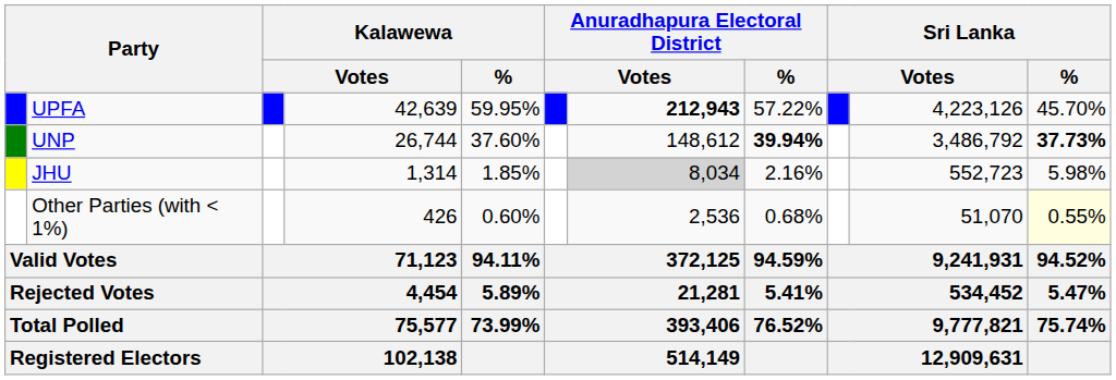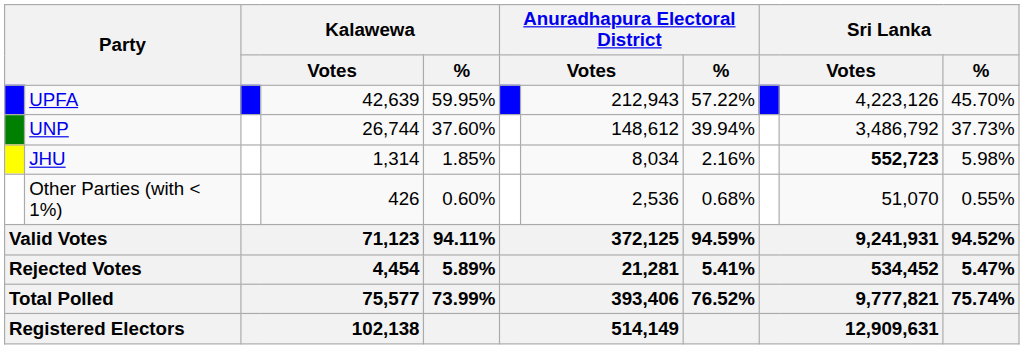 <table class="wikitable">
 <tr>
 <th colspan="2" width="144px"rowspan="2">Party</th>
 <th colspan="3" width="216px">Kalawewa</th>
 <th colspan="3" width="216px"><a href='#'>Anuradhapura Electoral District</a></th>
 <th colspan="3" width="216px">Sri Lanka</th>
 </tr>
 <tr>
 <th colspan="2" width="144px">Votes</th>
 <th>%</th>
 <th colspan="2" width="144px">Votes</th>
 <th>%</th>
 <th colspan="2" width="144px">Votes</th>
 <th>%</th>
 </tr>
 <tr>
 <td style="background-color:blue;" width="10px"></td>
 <td style="text-align:left;"><a href='#'>UPFA</a></td>
 <td style="background-color:blue;" width="10px"></td>
 <td style="text-align:right;">42,639</td>
 <td style="text-align:right;">59.95%</td>
 <td style="background-color:blue;" width="10px"></td>
-<td style="text-align:right;"><strong>212,943</strong></td>
+<td style="text-align:right;">212,943</td>
 <td style="text-align:right;">57.22%</td>
 <td style="background-color:blue;" width="10px"></td>
 <td style="text-align:right;">4,223,126</td>
 <td style="text-align:right;">45.70%</td>
 </tr>
 <tr>
 <td style="background-color:green;" width="10px"></td>
 <td style="text-align:left;"><a href='#'>UNP</a></td>
 <td style="background-color:white;" width="10px"></td>
 <td style="text-align:right;">26,744</td>
 <td style="text-align:right;">37.60%</td>
 <td style="background-color:white;" width="10px"></td>
 <td style="text-align:right;">148,612</td>
-<td style="text-align:right;"><strong>39.94%</strong></td>
+<td style="text-align:right;">39.94%</td>
 <td style="background-color:white;" width="10px"></td>
 <td style="text-align:right;">3,486,792</td>
-<td style="text-align:right;"><strong>37.73%</strong></td>
+<td style="text-align:right;">37.73%</td>
 </tr>
 <tr>
 <td style="background-color:yellow;" width="10px"></td>
 <td style="text-align:left;"><a href='#'>JHU</a></td>
 <td style="background-color:white;" width="10px"></td>
 <td style="text-align:right;">1,314</td>
 <td style="text-align:right;">1.85%</td>
 <td style="background-color:white;" width="10px"></td>
-<td style="background: lightgrey; text-align:right;">8,034</td>
+<td style="text-align:right;">8,034</td>
 <td style="text-align:right;">2.16%</td>
 <td style="background-color:white;" width="10px"></td>
-<td style="text-align:right;">552,723</td>
+<td style="text-align:right;"><strong>552,723</strong></td>
 <td style="text-align:right;">5.98%</td>
 </tr>
 <tr>
 <td style="background-color:white;" width="10px"></td>
 <td style="text-align:left;">Other Parties (with < 1%)</td>
 <td style="background-color:white;" width="10px"></td>
 <td style="text-align:right;">426</td>
 <td style="text-align:right;">0.60%</td>
 <td style="background-color:white;" width="10px"></td>
 <td style="text-align:right;">2,536</td>
 <td style="text-align:right;">0.68%</td>
 <td style="background-color:white;" width="10px"></td>
 <td style="text-align:right;">51,070</td>
-<td style="background: lightyellow; text-align:right;">0.55%</td>
+<td style="text-align:right;">0.55%</td>
 </tr>
 <tr>
 <th colspan="2" width="144px"style="text-align:left;">Valid Votes</th>
 <th style="text-align:right;"colspan="2" width="144px">71,123</th>
 <th style="text-align:right;">94.11%</th>
 <th style="text-align:right;"colspan="2" width="144px">372,125</th>
 <th style="text-align:right;">94.59%</th>
 <th style="text-align:right;"colspan="2" width="144px">9,241,931</th>
 <th style="text-align:right;">94.52%</th>
 </tr>
 <tr>
 <th colspan="2" width="144px"style="text-align:left;">Rejected Votes</th>
 <th style="text-align:right;"colspan="2" width="144px">4,454</th>
 <th style="text-align:right;">5.89%</th>
 <th style="text-align:right;"colspan="2" width="144px">21,281</th>
 <th style="text-align:right;">5.41%</th>
 <th style="text-align:right;"colspan="2" width="144px">534,452</th>
 <th style="text-align:right;">5.47%</th>
 </tr>
 <tr>
 <th colspan="2" width="144px"style="text-align:left;">Total Polled</th>
 <th style="text-align:right;"colspan="2" width="144px">75,577</th>
 <th style="text-align:right;">73.99%</th>
 <th style="text-align:right;"colspan="2" width="144px">393,406</th>
 <th style="text-align:right;">76.52%</th>
 <th style="text-align:right;"colspan="2" width="144px">9,777,821</th>
 <th style="text-align:right;">75.74%</th>
 </tr>
 <tr>
 <th colspan="2" width="144px"style="text-align:left;">Registered Electors</th>
 <th style="text-align:right;"colspan="2" width="144px">102,138</th>
 <th></th>
 <th style="text-align:right;"colspan="2" width="144px">514,149</th>
 <th></th>
 <th style="text-align:right;"colspan="2" width="144px">12,909,631</th>
 <th></th>
 </tr>
 </table>
